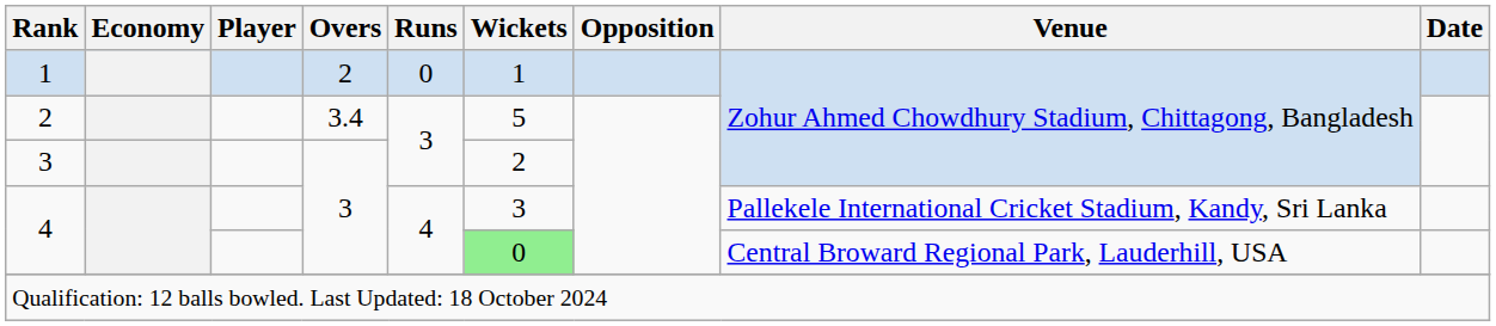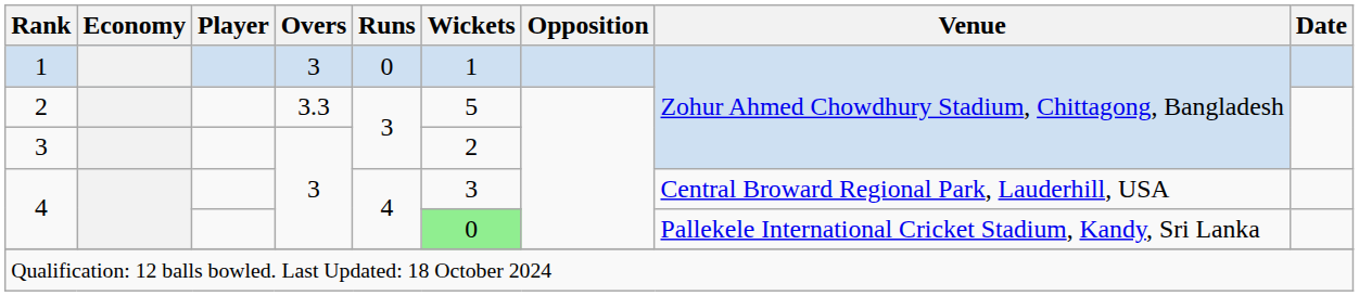 <table class="wikitable plainrowheaders sortable">
 <tr>
 <th scope=col>Rank</th>
 <th scope=col>Economy</th>
 <th scope=col>Player</th>
 <th scope=col>Overs</th>
 <th scope=col>Runs</th>
 <th scope=col>Wickets</th>
 <th scope=col>Opposition</th>
 <th scope=col>Venue</th>
 <th scope=col>Date</th>
 </tr>
 <tr bgcolor=#cee0f2>
 <td align=center>1</td>
 <th scope=row style=text-align:center;></th>
 <td></td>
-<td align=center>2</td>
+<td align=center>3</td>
 <td align=center>0</td>
 <td align=center>1</td>
 <td></td>
 <td rowspan=3><a href='#'>Zohur Ahmed Chowdhury Stadium</a>, <a href='#'>Chittagong</a>, Bangladesh</td>
 <td> </td>
 </tr>
 <tr>
 <td align=center>2</td>
 <th scope=row style=text-align:center;></th>
 <td></td>
-<td align=center>3.4</td>
+<td align=center>3.3</td>
 <td align=center rowspan=2>3</td>
 <td align=center>5</td>
 <td rowspan=4></td>
 <td rowspan=2> </td>
 </tr>
 <tr>
 <td align=center>3</td>
 <th scope=row style=text-align:center;></th>
 <td></td>
 <td align=center rowspan=3>3</td>
 <td align=center>2</td>
 </tr>
 <tr>
 <td align=center rowspan=2>4</td>
 <th scope=row style=text-align:center; rowspan=2></th>
 <td></td>
 <td align=center rowspan=2>4</td>
 <td align=center>3</td>
-<td><a href='#'>Pallekele International Cricket Stadium</a>, <a href='#'>Kandy</a>, Sri Lanka</td>
+<td><a href='#'>Central Broward Regional Park</a>, <a href='#'>Lauderhill</a>, USA</td>
 <td></td>
 </tr>
 <tr>
 <td> </td>
 <td align=center style="background: lightgreen;">0</td>
-<td><a href='#'>Central Broward Regional Park</a>, <a href='#'>Lauderhill</a>, USA</td>
+<td><a href='#'>Pallekele International Cricket Stadium</a>, <a href='#'>Kandy</a>, Sri Lanka</td>
 <td> </td>
 </tr>
 <tr>
 </tr>
 <tr class=sortbottom>
 <td colspan=9><small>Qualification: 12 balls bowled. Last Updated: 18 October 2024</small></td>
 </tr>
 </table>
